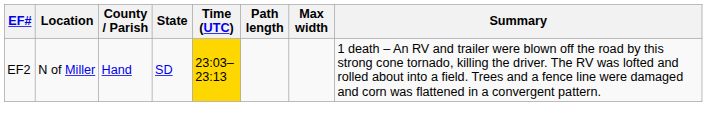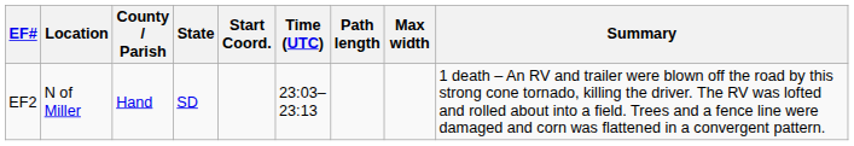 <table class="wikitable sortable" style="width:100%;">
 <tr>
 <th scope="col"  style="width:3%; text-align:center;"><a href='#'>EF#</a></th>
 <th scope="col"  style="width:7%; text-align:center;" class="unsortable">Location</th>
 <th scope="col"  style="width:6%; text-align:center;" class="unsortable">County / Parish</th>
 <th scope="col"  style="width:5%; text-align:center;">State</th>
+<th scope="col"  style="width:6%; text-align:center;">Start Coord.</th>
 <th scope="col"  style="width:6%; text-align:center;">Time (<a href='#'>UTC</a>)</th>
 <th scope="col"  style="width:6%; text-align:center;">Path length</th>
 <th scope="col"  style="width:6%; text-align:center;">Max width</th>
 <th scope="col" class="unsortable" style="width:48%; text-align:center;">Summary</th>
 </tr>
 <tr>
 <td>EF2</td>
 <td>N of <a href='#'>Miller</a></td>
 <td><a href='#'>Hand</a></td>
 <td><a href='#'>SD</a></td>
-<td style="background: gold;">23:03–23:13</td>
+<td></td>
+<td>23:03–23:13</td>
 <td></td>
 <td></td>
 <td>1 death – An RV and trailer were blown off the road by this strong cone tornado, killing the driver. The RV was lofted and rolled about  into a field. Trees and a fence line were damaged and corn was flattened in a convergent pattern.</td>
 </tr>
 </table>
